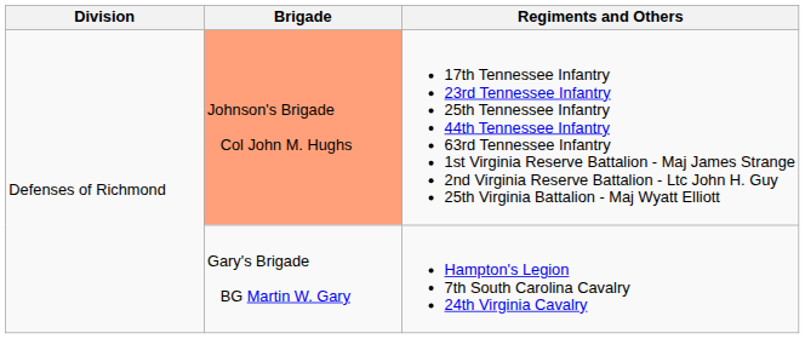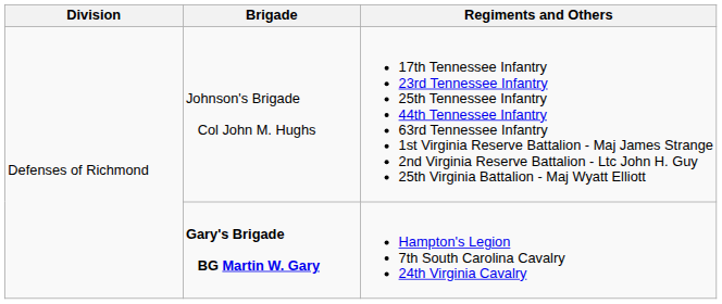 <table class="wikitable">
 <tr>
 <th style="width:25%;">Division</th>
 <th style="width:25%;">Brigade</th>
 <th>Regiments and Others</th>
 </tr>
 <tr>
 <td rowspan=2><br>Defenses of Richmond</td>
-<td style="background: lightsalmon;">Johnson's Brigade<br><br>   Col John M. Hughs</td>
+<td>Johnson's Brigade<br><br>   Col John M. Hughs</td>
 <td><br><ul><li>17th Tennessee Infantry</li><li><a href='#'>23rd Tennessee Infantry</a></li><li>25th Tennessee Infantry</li><li><a href='#'>44th Tennessee Infantry</a></li><li>63rd Tennessee Infantry</li><li>1st Virginia Reserve Battalion - Maj James Strange</li><li>2nd Virginia Reserve Battalion - Ltc John H. Guy</li><li>25th Virginia Battalion - Maj Wyatt Elliott</li></ul></td>
 </tr>
 <tr>
-<td>Gary's Brigade<br><br>   BG <a href='#'>Martin W. Gary</a></td>
+<td><strong>Gary's Brigade<br><br>   BG <a href='#'>Martin W. Gary</a></strong></td>
 <td><br><ul><li><a href='#'>Hampton's Legion</a></li><li>7th South Carolina Cavalry</li><li><a href='#'>24th Virginia Cavalry</a></li></ul></td>
 </tr>
 </table>
